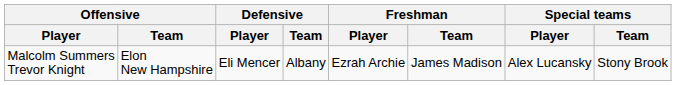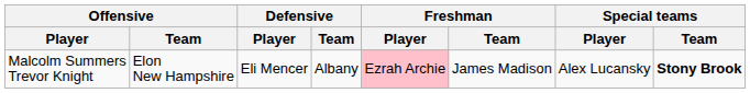 <table class="wikitable" border="1">
 <tr>
 <th colspan="2">Offensive</th>
 <th colspan="2">Defensive</th>
 <th colspan="2">Freshman</th>
 <th colspan="2">Special teams</th>
 </tr>
 <tr>
 <th>Player</th>
 <th>Team</th>
 <th>Player</th>
 <th>Team</th>
 <th>Player</th>
 <th>Team</th>
 <th>Player</th>
 <th>Team</th>
 </tr>
 <tr>
 <td>Malcolm Summers<br>Trevor Knight</td>
 <td>Elon<br>New Hampshire</td>
 <td>Eli Mencer</td>
 <td>Albany</td>
-<td>Ezrah Archie</td>
+<td style="background: pink;">Ezrah Archie</td>
 <td>James Madison</td>
 <td>Alex Lucansky</td>
-<td>Stony Brook</td>
+<td><strong>Stony Brook</strong></td>
 </tr>
 </table>
